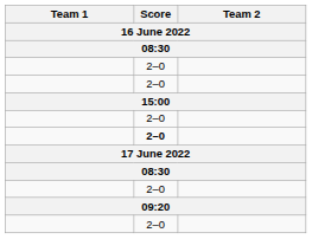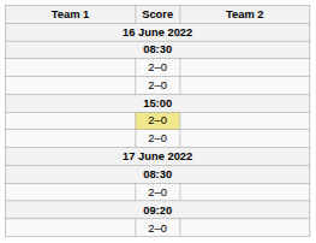 <table class="wikitable" style="text-align: center; font-size:90% ">
 <tr>
 <th align="right" width="160">Team 1</th>
 <th width="50">Score</th>
 <th align="left" width="160">Team 2</th>
 </tr>
 <tr>
 <th colspan=3>16 June 2022</th>
 </tr>
 <tr>
 <th colspan=3>08:30</th>
 </tr>
 <tr>
 <td align=right></td>
 <td align=center>2–0</td>
 <td align=left></td>
 </tr>
 <tr>
 <td align=right></td>
 <td align=center>2–0</td>
 <td align=left></td>
 </tr>
 <tr>
 <th colspan=3>15:00</th>
 </tr>
 <tr>
 <td align=right></td>
-<td align=center>2–0</td>
+<td align=center style="background: khaki;">2–0</td>
 <td align=left></td>
 </tr>
 <tr>
 <td align=right></td>
-<td align=center><strong>2–0</strong></td>
+<td align=center>2–0</td>
 <td align=left></td>
 </tr>
 <tr>
 <th colspan=3>17 June 2022</th>
 </tr>
 <tr>
 <th colspan=3>08:30</th>
 </tr>
 <tr>
 <td align=right></td>
 <td align=center>2–0</td>
 <td align=left></td>
 </tr>
 <tr>
 <th colspan=3>09:20</th>
 </tr>
 <tr>
 <td align=right></td>
 <td align=center>2–0</td>
 <td align=left></td>
 </tr>
 </table>
